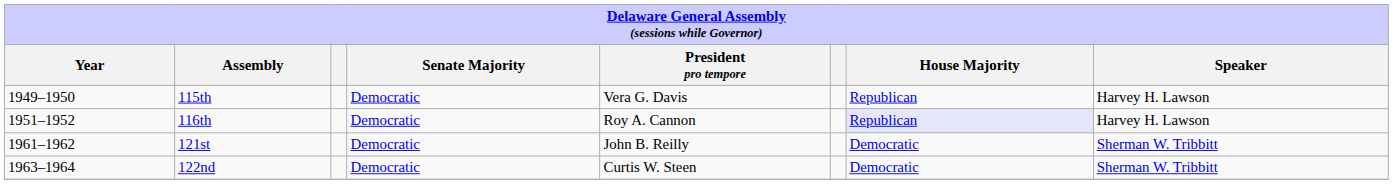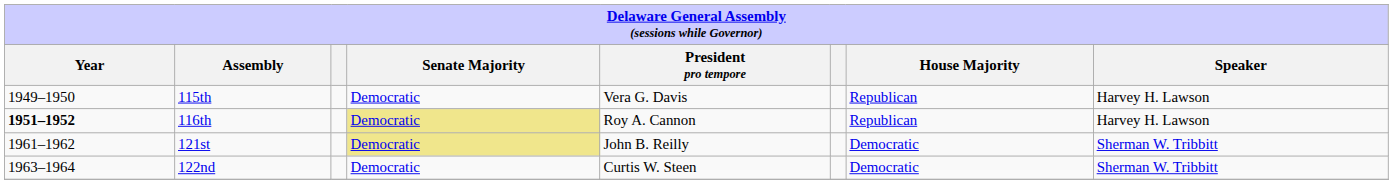 <table class=wikitable style="width: 94%" style="text-align: center;" align="center">
 <tr bgcolor=#cccccc>
 <th colspan=12 style="background: #ccccff;"><strong><a href='#'>Delaware General Assembly</a></strong> <br> <small> <em>(sessions while Governor)</em></small></th>
 </tr>
 <tr>
 <th><strong>Year</strong></th>
 <th><strong>Assembly</strong></th>
 <th></th>
 <th><strong>Senate Majority</strong></th>
 <th><strong>President<br><em><small>pro tempore</small><strong><em></th>
 <th></th>
 <th></strong>House Majority<strong></th>
 <th></strong>Speaker<strong></th>
 </tr>
 <tr>
 <td>1949–1950</td>
 <td><a href='#'>115th</a></td>
 <td></td>
 <td><a href='#'>Democratic</a></td>
 <td>Vera G. Davis</td>
 <td></td>
 <td><a href='#'>Republican</a></td>
 <td>Harvey H. Lawson</td>
 </tr>
 <tr>
-<td>1951–1952</td>
+<td><strong>1951–1952</strong></td>
 <td><a href='#'>116th</a></td>
 <td></td>
-<td><a href='#'>Democratic</a></td>
+<td style="background: khaki;"><a href='#'>Democratic</a></td>
 <td>Roy A. Cannon</td>
 <td></td>
-<td style="background: lavender;"><a href='#'>Republican</a></td>
+<td><a href='#'>Republican</a></td>
 <td>Harvey H. Lawson</td>
 </tr>
 <tr>
 <td>1961–1962</td>
 <td><a href='#'>121st</a></td>
 <td></td>
-<td><a href='#'>Democratic</a></td>
+<td style="background: khaki;"><a href='#'>Democratic</a></td>
 <td>John B. Reilly</td>
 <td></td>
 <td><a href='#'>Democratic</a></td>
 <td><a href='#'>Sherman W. Tribbitt</a></td>
 </tr>
 <tr>
 <td>1963–1964</td>
 <td><a href='#'>122nd</a></td>
 <td></td>
 <td><a href='#'>Democratic</a></td>
 <td>Curtis W. Steen</td>
 <td></td>
 <td><a href='#'>Democratic</a></td>
 <td><a href='#'>Sherman W. Tribbitt</a></td>
 </tr>
 <tr>
 </tr>
 </table>
